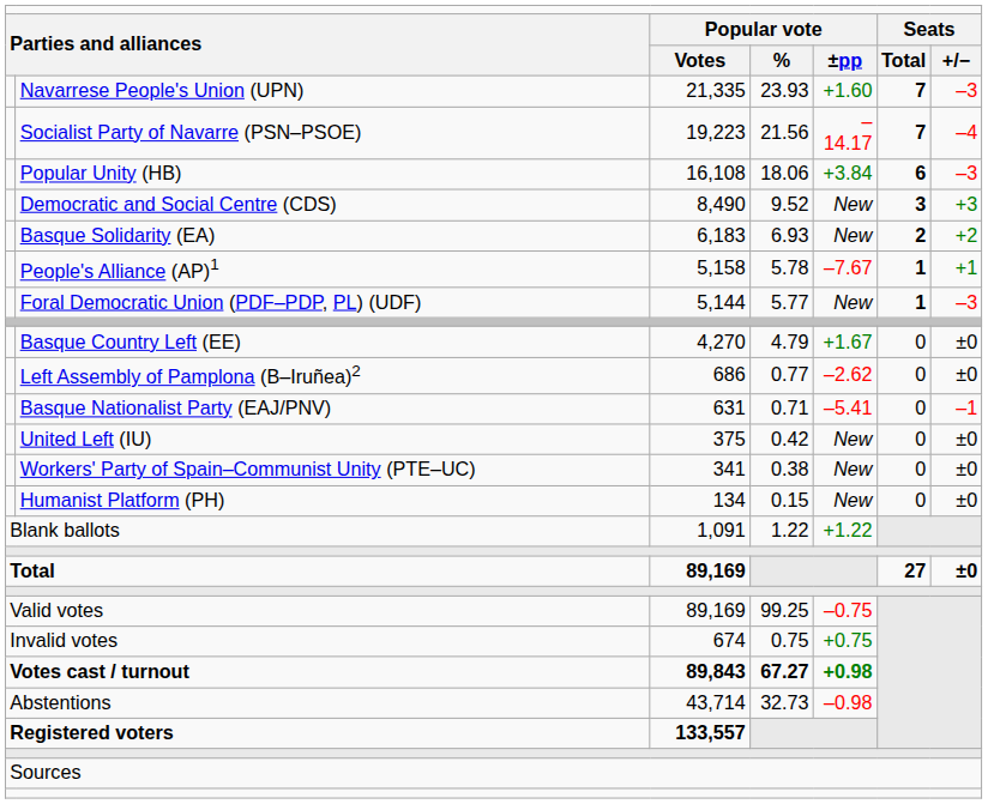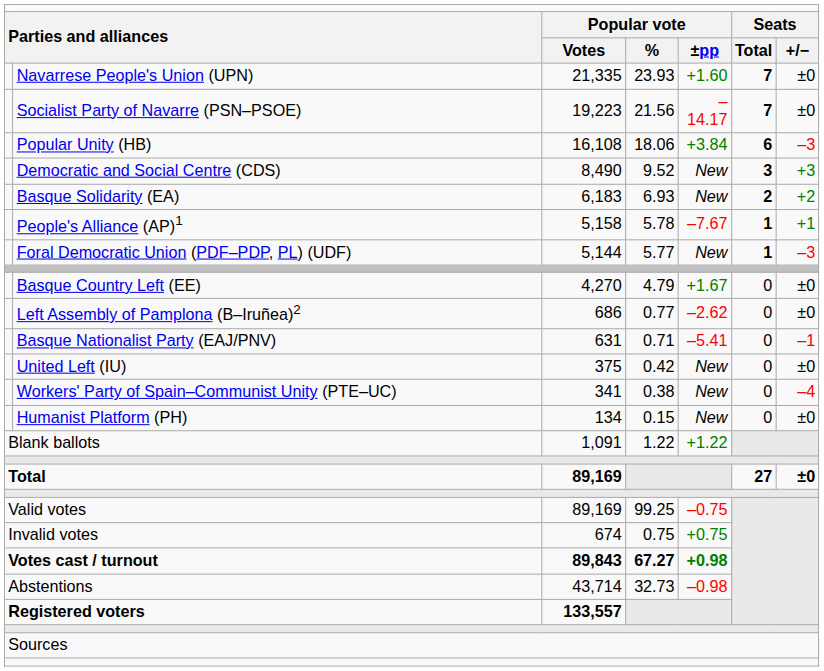 <table class="wikitable" style="text-align:right;">
 <tr>
 <td colspan="7"></td>
 </tr>
 <tr>
 <th style="text-align:left;" rowspan="2" colspan="2" width="525">Parties and alliances</th>
 <th colspan="3">Popular vote</th>
 <th colspan="2">Seats</th>
 </tr>
 <tr>
 <th width="75">Votes</th>
 <th width="45">%</th>
 <th width="45">±<a href='#'>pp</a></th>
 <th width="35">Total</th>
 <th width="35">+/−</th>
 </tr>
 <tr>
 <td width="1" style="color:inherit;background:"></td>
 <td align="left"><a href='#'>Navarrese People's Union</a> (UPN)</td>
 <td>21,335</td>
 <td>23.93</td>
 <td style="color:green;">+1.60</td>
 <td><strong>7</strong></td>
-<td style="color:red;">–3</td>
+<td>±0</td>
 </tr>
 <tr>
 <td style="color:inherit;background:"></td>
 <td align="left"><a href='#'>Socialist Party of Navarre</a> (PSN–PSOE)</td>
 <td>19,223</td>
 <td>21.56</td>
 <td style="color:red;">–14.17</td>
 <td><strong>7</strong></td>
-<td style="color:red;">–4</td>
+<td>±0</td>
 </tr>
 <tr>
 <td style="color:inherit;background:"></td>
 <td align="left"><a href='#'>Popular Unity</a> (HB)</td>
 <td>16,108</td>
 <td>18.06</td>
 <td style="color:green;">+3.84</td>
 <td><strong>6</strong></td>
 <td style="color:red;">–3</td>
 </tr>
 <tr>
 <td style="color:inherit;background:"></td>
 <td align="left"><a href='#'>Democratic and Social Centre</a> (CDS)</td>
 <td>8,490</td>
 <td>9.52</td>
 <td><em>New</em></td>
 <td><strong>3</strong></td>
 <td style="color:green;">+3</td>
 </tr>
 <tr>
 <td style="color:inherit;background:"></td>
 <td align="left"><a href='#'>Basque Solidarity</a> (EA)</td>
 <td>6,183</td>
 <td>6.93</td>
 <td><em>New</em></td>
 <td><strong>2</strong></td>
 <td style="color:green;">+2</td>
 </tr>
 <tr>
 <td style="color:inherit;background:"></td>
 <td align="left"><a href='#'>People's Alliance</a> (AP)<sup>1</sup></td>
 <td>5,158</td>
 <td>5.78</td>
 <td style="color:red;">–7.67</td>
 <td><strong>1</strong></td>
 <td style="color:green;">+1</td>
 </tr>
 <tr>
 <td style="color:inherit;background:"></td>
 <td align="left"><a href='#'>Foral Democratic Union</a> (<a href='#'>PDF–PDP</a>, <a href='#'>PL</a>) (UDF)</td>
 <td>5,144</td>
 <td>5.77</td>
 <td><em>New</em></td>
 <td><strong>1</strong></td>
 <td style="color:red;">–3</td>
 </tr>
 <tr>
 <td colspan="7" bgcolor="#C0C0C0"></td>
 </tr>
 <tr>
 <td style="color:inherit;background:"></td>
 <td align="left"><a href='#'>Basque Country Left</a> (EE)</td>
 <td>4,270</td>
 <td>4.79</td>
 <td style="color:green;">+1.67</td>
 <td>0</td>
 <td>±0</td>
 </tr>
 <tr>
 <td style="color:inherit;background:"></td>
 <td align="left"><a href='#'>Left Assembly of Pamplona</a> (B–Iruñea)<sup>2</sup></td>
 <td>686</td>
 <td>0.77</td>
 <td style="color:red;">–2.62</td>
 <td>0</td>
 <td>±0</td>
 </tr>
 <tr>
 <td style="color:inherit;background:"></td>
 <td align="left"><a href='#'>Basque Nationalist Party</a> (EAJ/PNV)</td>
 <td>631</td>
 <td>0.71</td>
 <td style="color:red;">–5.41</td>
 <td>0</td>
 <td style="color:red;">–1</td>
 </tr>
 <tr>
 <td style="color:inherit;background:"></td>
 <td align="left"><a href='#'>United Left</a> (IU)</td>
 <td>375</td>
 <td>0.42</td>
 <td><em>New</em></td>
 <td>0</td>
 <td>±0</td>
 </tr>
 <tr>
 <td style="color:inherit;background:"></td>
 <td align="left"><a href='#'>Workers' Party of Spain–Communist Unity</a> (PTE–UC)</td>
 <td>341</td>
 <td>0.38</td>
 <td><em>New</em></td>
 <td>0</td>
-<td>±0</td>
+<td style="color:red;">–4</td>
 </tr>
 <tr>
 <td style="color:inherit;background:"></td>
 <td align="left"><a href='#'>Humanist Platform</a> (PH)</td>
 <td>134</td>
 <td>0.15</td>
 <td><em>New</em></td>
 <td>0</td>
 <td>±0</td>
 </tr>
 <tr>
 <td align="left" colspan="2">Blank ballots</td>
 <td>1,091</td>
 <td>1.22</td>
 <td style="color:green;">+1.22</td>
 <td bgcolor="#E9E9E9" colspan="2"></td>
 </tr>
 <tr>
 <td colspan="7" bgcolor="#E9E9E9"></td>
 </tr>
 <tr style="font-weight:bold;">
 <td align="left" colspan="2">Total</td>
 <td>89,169</td>
 <td bgcolor="#E9E9E9" colspan="2"></td>
 <td>27</td>
 <td>±0</td>
 </tr>
 <tr>
 <td colspan="7" bgcolor="#E9E9E9"></td>
 </tr>
 <tr>
 <td align="left" colspan="2">Valid votes</td>
 <td>89,169</td>
 <td>99.25</td>
 <td style="color:red;">–0.75</td>
 <td bgcolor="#E9E9E9" colspan="2" rowspan="5"></td>
 </tr>
 <tr>
 <td align="left" colspan="2">Invalid votes</td>
 <td>674</td>
 <td>0.75</td>
 <td style="color:green;">+0.75</td>
 </tr>
 <tr style="font-weight:bold;">
 <td align="left" colspan="2">Votes cast / turnout</td>
 <td>89,843</td>
 <td>67.27</td>
 <td style="color:green;">+0.98</td>
 </tr>
 <tr>
 <td align="left" colspan="2">Abstentions</td>
 <td>43,714</td>
 <td>32.73</td>
 <td style="color:red;">–0.98</td>
 </tr>
 <tr style="font-weight:bold;">
 <td align="left" colspan="2">Registered voters</td>
 <td>133,557</td>
 <td bgcolor="#E9E9E9" colspan="2"></td>
 </tr>
 <tr>
 <td colspan="7" bgcolor="#E9E9E9"></td>
 </tr>
 <tr>
 <td align="left" colspan="7">Sources</td>
 </tr>
 <tr>
 <td colspan="7" style="text-align:left; max-width:790px;"></td>
 </tr>
 </table>
